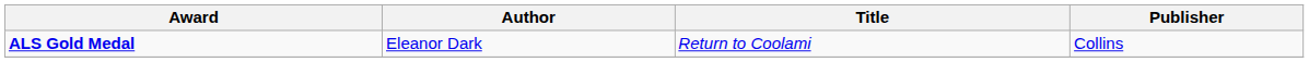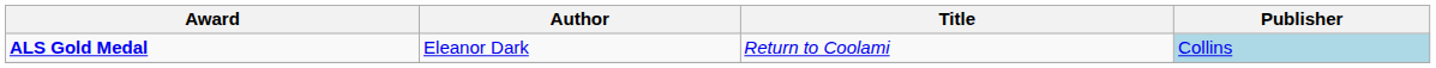 <table class="wikitable" width=100%>
 <tr>
 <th>Award</th>
 <th>Author</th>
 <th>Title</th>
 <th>Publisher</th>
 </tr>
 <tr>
 <td><strong><a href='#'>ALS Gold Medal</a></strong></td>
 <td><a href='#'>Eleanor Dark</a></td>
 <td><em><a href='#'>Return to Coolami</a></em></td>
-<td><a href='#'>Collins</a></td>
+<td style="background: lightblue;"><a href='#'>Collins</a></td>
 </tr>
 <tr>
 </tr>
 </table>
